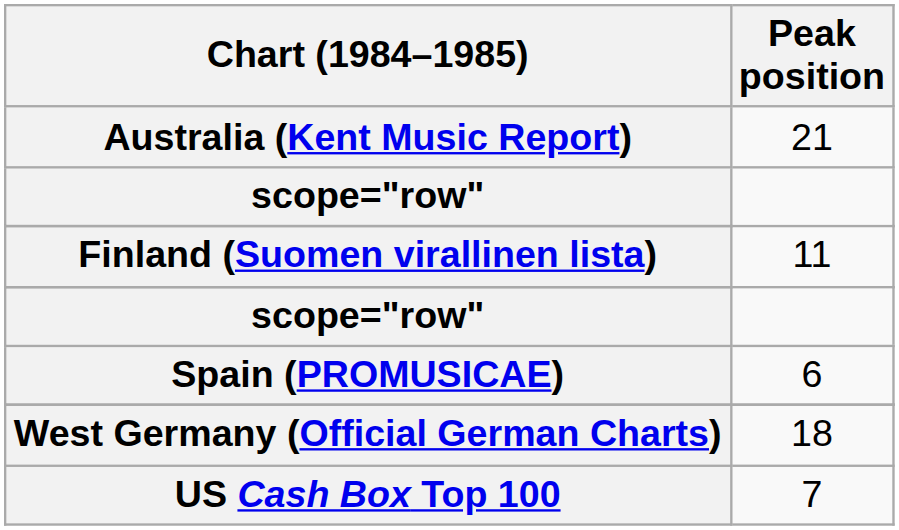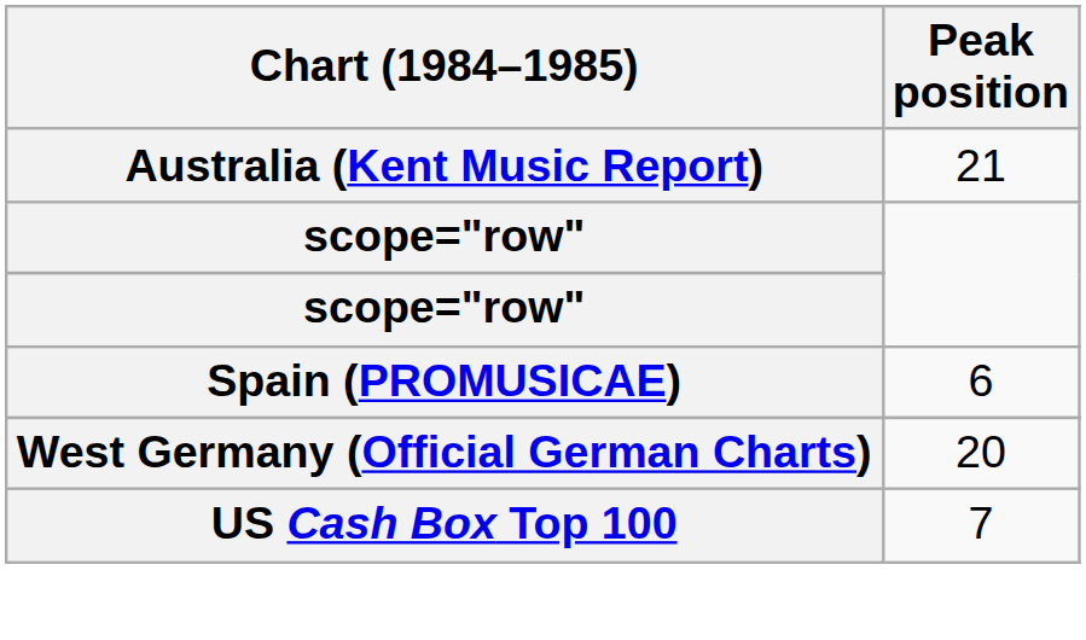 <table class="wikitable sortable plainrowheaders" style="text-align:center">
 <tr>
 <th scope="col">Chart (1984–1985)</th>
 <th scope="col">Peak<br>position</th>
 </tr>
 <tr>
 <th scope="row">Australia (<a href='#'>Kent Music Report</a>)</th>
 <td>21</td>
 </tr>
 <tr>
 <th>scope="row" </th>
 </tr>
 <tr>
-</tr>
-<tr>
-<th scope="row">Finland (<a href='#'>Suomen virallinen lista</a>)</th>
-<td>11</td>
 </tr>
 <tr>
 </tr>
 <tr>
 </tr>
 <tr>
 </tr>
 <tr>
 <th>scope="row" </th>
 </tr>
 <tr>
 <th scope="row">Spain (<a href='#'>PROMUSICAE</a>)</th>
 <td>6</td>
 </tr>
 <tr>
 </tr>
 <tr>
 </tr>
 <tr>
 </tr>
 <tr>
 </tr>
 <tr>
 <th scope="row">West Germany (<a href='#'>Official German Charts</a>)</th>
-<td>18</td>
+<td>20</td>
 </tr>
 <tr>
 <th scope="row">US <a href='#'><em>Cash Box</em> Top 100</a></th>
 <td>7</td>
 </tr>
 </table>
